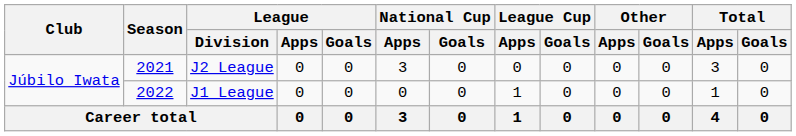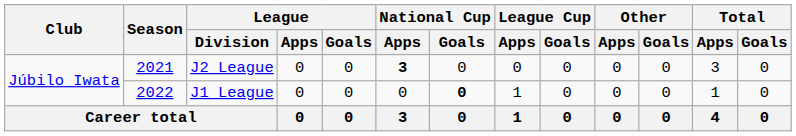 <table class="wikitable" style="text-align: center">
 <tr>
 <th rowspan="2">Club</th>
 <th rowspan="2">Season</th>
 <th colspan="3">League</th>
 <th colspan="2">National Cup</th>
 <th colspan="2">League Cup</th>
 <th colspan="2">Other</th>
 <th colspan="2">Total</th>
 </tr>
 <tr>
 <th>Division</th>
 <th>Apps</th>
 <th>Goals</th>
 <th>Apps</th>
 <th>Goals</th>
 <th>Apps</th>
 <th>Goals</th>
 <th>Apps</th>
 <th>Goals</th>
 <th>Apps</th>
 <th>Goals</th>
 </tr>
 <tr>
 <td rowspan="2"><a href='#'>Júbilo Iwata</a></td>
 <td><a href='#'>2021</a></td>
 <td><a href='#'>J2 League</a></td>
 <td>0</td>
 <td>0</td>
-<td>3</td>
+<td><strong>3</strong></td>
 <td>0</td>
 <td>0</td>
 <td>0</td>
 <td>0</td>
 <td>0</td>
 <td>3</td>
 <td>0</td>
 </tr>
 <tr>
 <td><a href='#'>2022</a></td>
 <td><a href='#'>J1 League</a></td>
 <td>0</td>
 <td>0</td>
 <td>0</td>
-<td>0</td>
+<td><strong>0</strong></td>
 <td>1</td>
 <td>0</td>
 <td>0</td>
 <td>0</td>
 <td>1</td>
 <td>0</td>
 </tr>
 <tr>
 <th colspan=3>Career total</th>
 <th>0</th>
 <th>0</th>
 <th>3</th>
 <th>0</th>
 <th>1</th>
 <th>0</th>
 <th>0</th>
 <th>0</th>
 <th>4</th>
 <th>0</th>
 </tr>
 </table>
